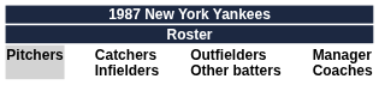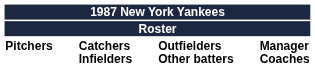 <table class="toccolours" style="font-size: 95%;">
 <tr>
 <th colspan="10" style="background:#1c2841; color:white; text-align:center;">1987 New York Yankees</th>
 </tr>
 <tr>
 <td colspan="10" style="background:#1c2841; color:white; text-align:center;"><strong>Roster</strong></td>
 </tr>
 <tr>
-<td valign="top" style="background: lightgrey;"><strong>Pitchers</strong><br>                    </td>
+<td valign="top"><strong>Pitchers</strong><br>                    </td>
 <td style="width:25px;"></td>
 <td valign="top"><strong>Catchers</strong><br>    <strong>Infielders</strong>            </td>
 <td style="width:25px;"></td>
 <td valign="top"><strong>Outfielders</strong><br>          <strong>Other batters</strong> </td>
 <td style="width:25px;"></td>
 <td valign="top"><strong>Manager</strong><br> <strong>Coaches</strong>      </td>
 </tr>
 </table>
